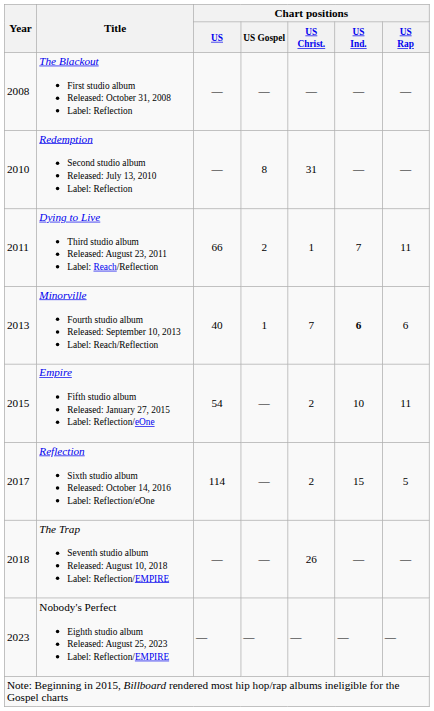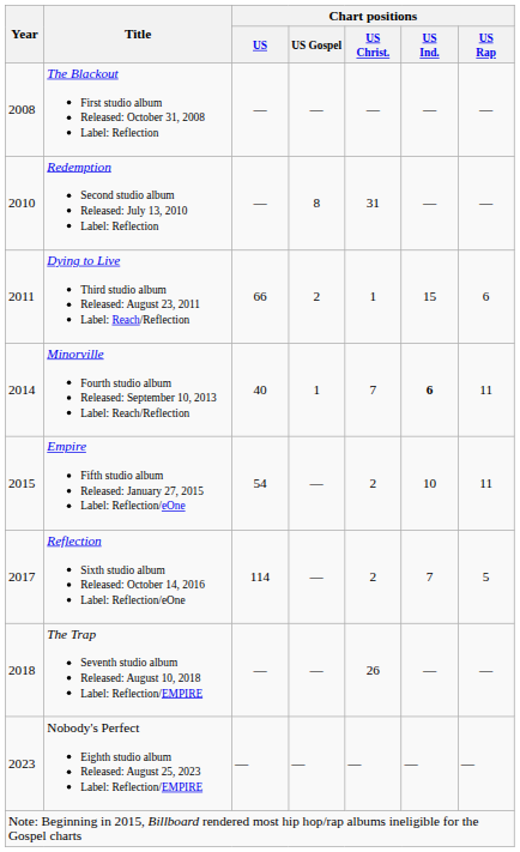 <table class="wikitable">
 <tr>
 <th rowspan="2">Year</th>
 <th rowspan="2">Title</th>
 <th colspan="5">Chart positions</th>
 </tr>
 <tr>
 <th style="width:60px;"><small><a href='#'>US</a></small></th>
 <th style="width:60px;"><small>US Gospel</small></th>
 <th style="width:60px;"><small><a href='#'>US<br>Christ.</a></small></th>
 <th style="width:60px;"><small><a href='#'>US<br>Ind.</a></small></th>
 <th style="width:60px;"><small><a href='#'>US<br>Rap</a></small></th>
 </tr>
 <tr>
 <td>2008</td>
 <td><em><a href='#'>The Blackout</a> </em><br><ul><li><small>First studio album</small></li><li><small>Released: October 31, 2008</small></li><li><small>Label: Reflection</small></li></ul></td>
 <td style="text-align:center;">—</td>
 <td style="text-align:center;">—</td>
 <td style="text-align:center;">—</td>
 <td style="text-align:center;">—</td>
 <td style="text-align:center;">—</td>
 </tr>
 <tr>
 <td>2010</td>
 <td><em><a href='#'>Redemption</a> </em><br><ul><li><small>Second studio album</small></li><li><small>Released: July 13, 2010</small></li><li><small>Label: Reflection</small></li></ul></td>
 <td style="text-align:center;">—</td>
 <td style="text-align:center;">8</td>
 <td style="text-align:center;">31</td>
 <td style="text-align:center;">—</td>
 <td style="text-align:center;">—</td>
 </tr>
 <tr>
 <td>2011</td>
 <td><em><a href='#'>Dying to Live</a> </em><br><ul><li><small>Third studio album</small></li><li><small>Released: August 23, 2011</small></li><li><small>Label: <a href='#'>Reach</a>/Reflection</small></li></ul></td>
 <td style="text-align:center;">66</td>
 <td style="text-align:center;">2</td>
 <td style="text-align:center;">1</td>
-<td style="text-align:center;">7</td>
-<td style="text-align:center;">11</td>
+<td style="text-align:center;">15</td>
+<td style="text-align:center;">6</td>
 </tr>
 <tr>
-<td>2013</td>
+<td>2014</td>
 <td><em><a href='#'>Minorville</a></em><br><ul><li><small>Fourth studio album</small></li><li><small>Released: September 10, 2013</small></li><li><small>Label: Reach/Reflection</small></li></ul></td>
 <td style="text-align:center;">40</td>
 <td style="text-align:center;">1</td>
 <td style="text-align:center;">7</td>
 <td style="text-align:center;"><strong>6</strong></td>
-<td style="text-align:center;">6</td>
+<td style="text-align:center;">11</td>
 </tr>
 <tr>
 <td>2015</td>
 <td><em><a href='#'>Empire</a></em><br><ul><li><small>Fifth studio album</small></li><li><small>Released: January 27, 2015</small></li><li><small>Label: Reflection/<a href='#'>eOne</a></small></li></ul></td>
 <td style="text-align:center;">54</td>
 <td style="text-align:center;">—</td>
 <td style="text-align:center;">2</td>
 <td style="text-align:center;">10</td>
 <td style="text-align:center;">11</td>
 </tr>
 <tr>
 <td>2017</td>
 <td><em><a href='#'>Reflection</a></em><br><ul><li><small>Sixth studio album</small></li><li><small>Released: October 14, 2016</small></li><li><small>Label: Reflection/eOne</small></li></ul></td>
 <td style="text-align:center;">114</td>
 <td style="text-align:center;">—</td>
 <td style="text-align:center;">2</td>
-<td style="text-align:center;">15</td>
+<td style="text-align:center;">7</td>
 <td style="text-align:center;">5</td>
 </tr>
 <tr>
 <td>2018</td>
 <td><em>The Trap</em><br><ul><li><small>Seventh studio album</small></li><li><small>Released: August 10, 2018</small></li><li><small>Label: Reflection/<a href='#'>EMPIRE</a></small></li></ul></td>
 <td style="text-align:center;">—</td>
 <td style="text-align:center;">—</td>
 <td style="text-align:center;">26</td>
 <td style="text-align:center;">—</td>
 <td style="text-align:center;">—</td>
 </tr>
 <tr>
 <td>2023</td>
 <td>Nobody's Perfect<br><ul><li><small>Eighth studio album</small></li><li><small>Released: August 25, 2023</small></li><li><small>Label: Reflection/<a href='#'>EMPIRE</a></small></li></ul></td>
 <td>—</td>
 <td>—</td>
 <td>—</td>
 <td>—</td>
 <td>—</td>
 </tr>
 <tr>
 <td colspan="13">Note: Beginning in 2015, <em>Billboard</em> rendered most hip hop/rap albums ineligible for the Gospel charts</td>
 </tr>
 </table>
